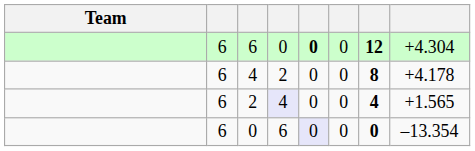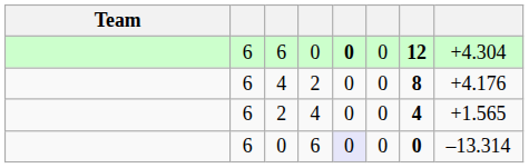 <table class="wikitable" style="text-align:center">
 <tr>
 <th style="width:175px;">Team</th>
 <th style="width:20px;"></th>
 <th style="width:20px;"></th>
 <th style="width:20px;"></th>
 <th style="width:20px;"></th>
 <th style="width:20px;"></th>
 <th style="width:20px;"></th>
 <th style="width:65px;"></th>
 </tr>
 <tr style="background:#cfc;">
 <td style="text-align:left"></td>
 <td>6</td>
 <td>6</td>
 <td>0</td>
 <td><strong>0</strong></td>
 <td>0</td>
 <td><strong>12</strong></td>
 <td>+4.304</td>
 </tr>
 <tr>
 <td style="text-align:left"></td>
 <td>6</td>
 <td>4</td>
 <td>2</td>
 <td>0</td>
 <td>0</td>
 <td><strong>8</strong></td>
-<td>+4.178</td>
+<td>+4.176</td>
 </tr>
 <tr>
 <td style="text-align:left"></td>
 <td>6</td>
 <td>2</td>
-<td style="background: lavender;">4</td>
+<td>4</td>
 <td>0</td>
 <td>0</td>
 <td><strong>4</strong></td>
 <td>+1.565</td>
 </tr>
 <tr>
 <td style="text-align:left"></td>
 <td>6</td>
 <td>0</td>
 <td>6</td>
 <td style="background: lavender;">0</td>
 <td>0</td>
 <td><strong>0</strong></td>
-<td>–13.354</td>
+<td>–13.314</td>
 </tr>
 </table>
